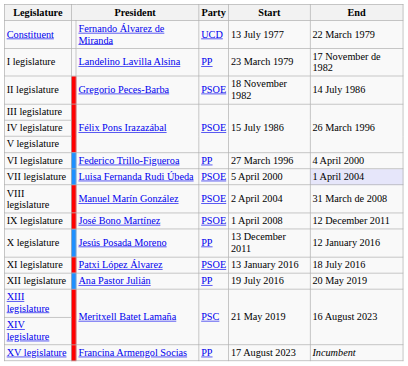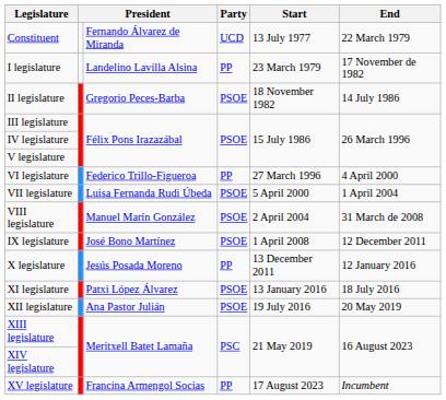 <table class="wikitable" style="margin:1em auto;">
 <tr>
 <th>Legislature</th>
 <th colspan="2">President</th>
 <th>Party</th>
 <th>Start</th>
 <th>End</th>
 </tr>
 <tr>
 <td><a href='#'>Constituent</a></td>
 <td></td>
 <td><a href='#'>Fernando Álvarez de Miranda</a></td>
 <td> <a href='#'>UCD</a></td>
 <td>13 July 1977</td>
 <td>22 March 1979</td>
 </tr>
 <tr>
 <td>I legislature</td>
 <td></td>
 <td><a href='#'>Landelino Lavilla Alsina</a></td>
 <td> <a href='#'>PP</a></td>
 <td>23 March 1979</td>
 <td>17 November de 1982</td>
 </tr>
 <tr>
 <td>II legislature</td>
 <td style="color:inherit;background:#FF0000"></td>
 <td><a href='#'>Gregorio Peces-Barba</a></td>
 <td> <a href='#'>PSOE</a></td>
 <td>18 November 1982</td>
 <td>14 July 1986</td>
 </tr>
 <tr>
 <td>III legislature</td>
 <td rowspan="3" bgcolor="#FF0000"></td>
 <td rowspan="3"><a href='#'>Félix Pons Irazazábal</a></td>
 <td rowspan="3"> <a href='#'>PSOE</a></td>
 <td rowspan="3">15 July 1986</td>
 <td rowspan="3">26 March 1996</td>
 </tr>
 <tr>
 <td>IV legislature</td>
 </tr>
 <tr>
 <td>V legislature</td>
 </tr>
 <tr>
 <td>VI legislature</td>
 <td style="color:inherit;background:#1E90FF"></td>
 <td><a href='#'>Federico Trillo-Figueroa</a></td>
 <td> <a href='#'>PP</a></td>
 <td>27 March 1996</td>
 <td>4 April 2000</td>
 </tr>
 <tr>
 <td>VII legislature</td>
 <td style="color:inherit;background:#1E90FF"></td>
 <td><a href='#'>Luisa Fernanda Rudi Úbeda</a></td>
 <td> <a href='#'>PSOE</a></td>
 <td>5 April 2000</td>
-<td style="background: lavender;">1 April 2004</td>
+<td>1 April 2004</td>
 </tr>
 <tr>
 <td>VIII legislature</td>
 <td style="color:inherit;background:#FF0000"></td>
 <td><a href='#'>Manuel Marín González</a></td>
 <td> <a href='#'>PSOE</a></td>
 <td>2 April 2004</td>
 <td>31 March de 2008</td>
 </tr>
 <tr>
 <td>IX legislature</td>
 <td style="color:inherit;background:#FF0000"></td>
 <td><a href='#'>José Bono Martínez</a></td>
 <td> <a href='#'>PSOE</a></td>
 <td>1 April 2008</td>
 <td>12 December 2011</td>
 </tr>
 <tr>
 <td>X legislature</td>
 <td style="color:inherit;background:#1E90FF"></td>
 <td><a href='#'>Jesús Posada Moreno</a></td>
 <td> <a href='#'>PP</a></td>
 <td>13 December 2011</td>
 <td>12 January 2016</td>
 </tr>
 <tr>
 <td>XI legislature</td>
 <td style="color:inherit;background:#FF0000"></td>
 <td><a href='#'>Patxi López Álvarez</a></td>
 <td> <a href='#'>PSOE</a></td>
 <td>13 January 2016</td>
 <td>18 July 2016</td>
 </tr>
 <tr>
 <td>XII legislature</td>
 <td style="color:inherit;background:#1E90FF"></td>
 <td><a href='#'>Ana Pastor Julián</a></td>
-<td> <a href='#'>PP</a></td>
+<td> <a href='#'>PSOE</a></td>
 <td>19 July 2016</td>
 <td>20 May 2019</td>
 </tr>
 <tr>
 <td><a href='#'>XIII legislature</a></td>
 <td rowspan="2" bgcolor="#FF0000"></td>
 <td rowspan="2"><a href='#'>Meritxell Batet Lamaña</a></td>
 <td rowspan="2"> <a href='#'>PSC</a></td>
 <td rowspan="2">21 May 2019</td>
 <td rowspan="2">16 August 2023</td>
 </tr>
 <tr>
 <td><a href='#'>XIV legislature</a></td>
 </tr>
 <tr>
 <td><a href='#'>XV legislature</a></td>
 <td style="color:inherit;background:#FF0000"></td>
 <td><a href='#'>Francina Armengol Socias</a></td>
 <td> <a href='#'>PP</a></td>
 <td>17 August 2023</td>
 <td><em>Incumbent</em></td>
 </tr>
 </table>
